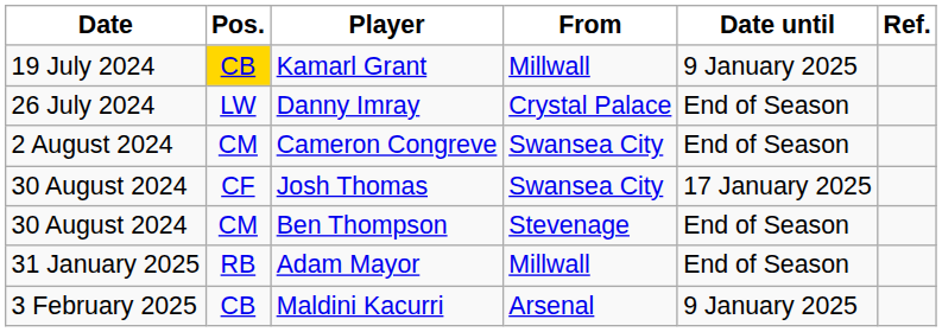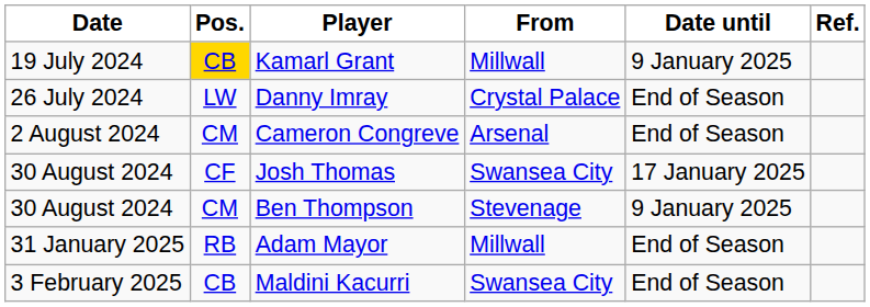 <table class="wikitable plainrowheaders sortable">
 <tr>
 <th style="background-color:#FFFFFF; color:#000000; ">Date</th>
 <th style="background-color:#FFFFFF; color:#000000; ">Pos.</th>
 <th style="background-color:#FFFFFF; color:#000000; ">Player</th>
 <th style="background-color:#FFFFFF; color:#000000; ">From</th>
 <th style="background-color:#FFFFFF; color:#000000; ">Date until</th>
 <th style="background-color:#FFFFFF; color:#000000; ">Ref.</th>
 </tr>
 <tr>
 <td>19 July 2024</td>
 <td style="background: gold; text-align:center;"><a href='#'>CB</a></td>
 <td> <a href='#'>Kamarl Grant</a></td>
 <td> <a href='#'>Millwall</a></td>
 <td>9 January 2025</td>
 <td></td>
 </tr>
 <tr>
 <td>26 July 2024</td>
 <td style="text-align:center;"><a href='#'>LW</a></td>
 <td> <a href='#'>Danny Imray</a></td>
 <td> <a href='#'>Crystal Palace</a></td>
 <td>End of Season</td>
 <td></td>
 </tr>
 <tr>
 <td>2 August 2024</td>
 <td style="text-align:center;"><a href='#'>CM</a></td>
 <td> <a href='#'>Cameron Congreve</a></td>
-<td> <a href='#'>Swansea City</a></td>
+<td> <a href='#'>Arsenal</a></td>
 <td>End of Season</td>
 <td></td>
 </tr>
 <tr>
 <td>30 August 2024</td>
 <td style="text-align:center;"><a href='#'>CF</a></td>
 <td> <a href='#'>Josh Thomas</a></td>
 <td> <a href='#'>Swansea City</a></td>
 <td>17 January 2025</td>
 <td></td>
 </tr>
 <tr>
 <td>30 August 2024</td>
 <td style="text-align:center;"><a href='#'>CM</a></td>
 <td> <a href='#'>Ben Thompson</a></td>
 <td> <a href='#'>Stevenage</a></td>
-<td>End of Season</td>
+<td>9 January 2025</td>
 <td></td>
 </tr>
 <tr>
 <td>31 January 2025</td>
 <td style="text-align:center;"><a href='#'>RB</a></td>
 <td> <a href='#'>Adam Mayor</a></td>
 <td> <a href='#'>Millwall</a></td>
 <td>End of Season</td>
 <td></td>
 </tr>
 <tr>
 <td>3 February 2025</td>
 <td style="text-align:center;"><a href='#'>CB</a></td>
 <td> <a href='#'>Maldini Kacurri</a></td>
-<td> <a href='#'>Arsenal</a></td>
-<td>9 January 2025</td>
+<td> <a href='#'>Swansea City</a></td>
+<td>End of Season</td>
 <td></td>
 </tr>
 </table>
